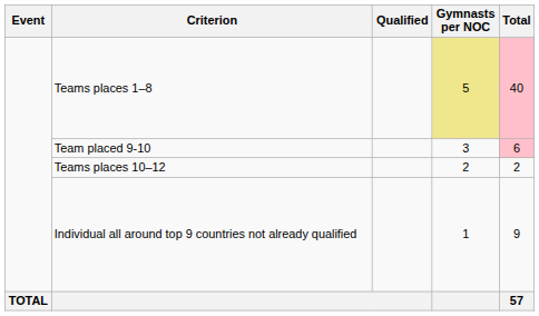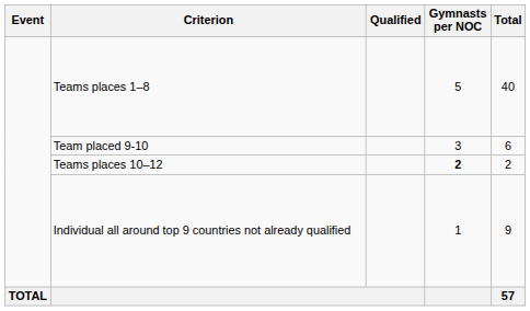 <table class="wikitable" width=700>
 <tr>
 <th>Event</th>
 <th>Criterion</th>
 <th>Qualified</th>
 <th>Gymnasts<br> per NOC</th>
 <th>Total</th>
 </tr>
 <tr>
 <td rowspan="4"></td>
 <td>Teams places 1–8</td>
 <td><br><br><br><br><br><br><br></td>
-<td align="center" style="background: khaki;">5</td>
-<td align="center" style="background: pink;">40</td>
+<td align="center">5</td>
+<td align="center">40</td>
 </tr>
 <tr>
 <td>Team placed 9-10</td>
 <td><br></td>
 <td align="center">3</td>
-<td align="center" style="background: pink;">6</td>
+<td align="center">6</td>
 </tr>
 <tr>
 <td>Teams places 10–12</td>
 <td></td>
-<td align="center">2</td>
+<td align="center"><strong>2</strong></td>
 <td align="center">2</td>
 </tr>
 <tr>
 <td>Individual all around top 9 countries not already qualified</td>
 <td><br><br><br><br><br><br><br><br></td>
 <td align="center">1</td>
 <td align="center">9</td>
 </tr>
 <tr>
 <th>TOTAL</th>
 <th colspan="2"></th>
 <th></th>
 <th>57</th>
 </tr>
 </table>
